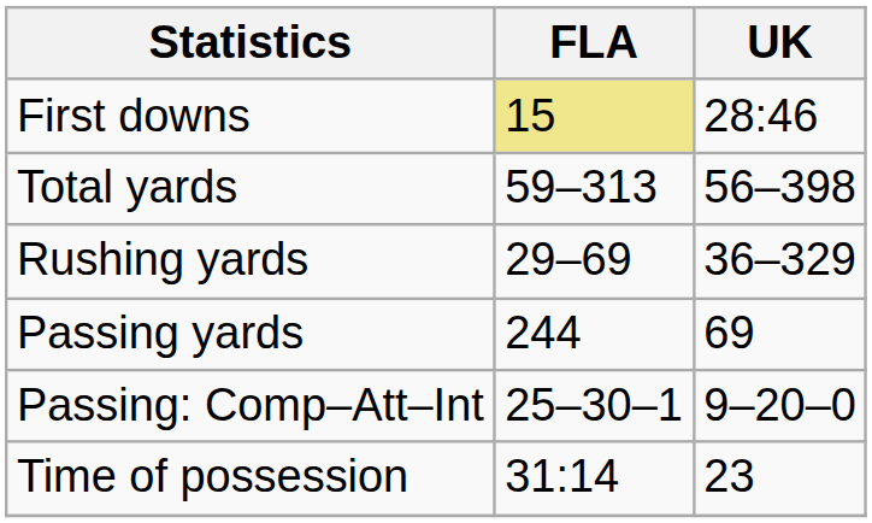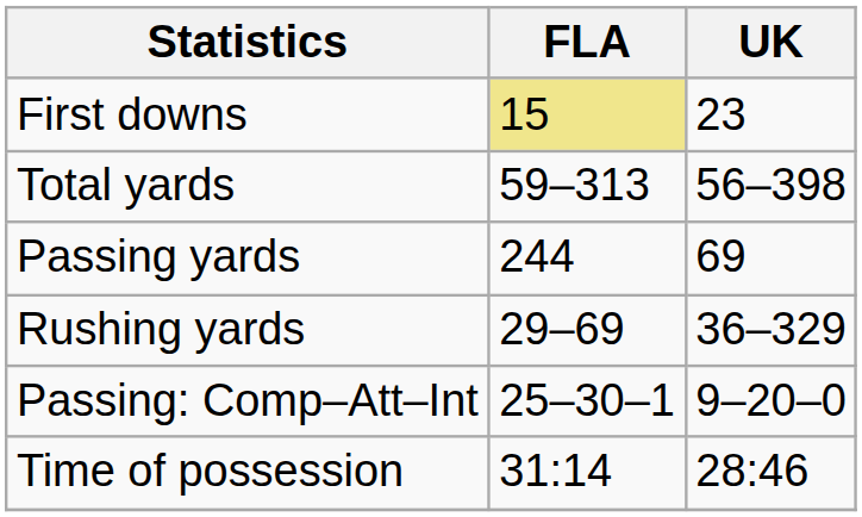 <table class="wikitable" style="float: left;">
 <tr>
 <th>Statistics</th>
 <th>FLA</th>
 <th>UK</th>
 </tr>
 <tr>
 <td>First downs</td>
 <td style="background: khaki;">15</td>
-<td>28:46</td>
+<td>23</td>
 </tr>
 <tr>
 <td>Total yards</td>
 <td>59–313</td>
 <td>56–398</td>
 </tr>
 <tr>
+<td>Passing yards</td>
+<td>244</td>
+<td>69</td>
+</tr>
+<tr>
 <td>Rushing yards</td>
 <td>29–69</td>
 <td>36–329</td>
-</tr>
-<tr>
-<td>Passing yards</td>
-<td>244</td>
-<td>69</td>
 </tr>
 <tr>
 <td>Passing: Comp–Att–Int</td>
 <td>25–30–1</td>
 <td>9–20–0</td>
 </tr>
 <tr>
 <td>Time of possession</td>
 <td>31:14</td>
-<td>23</td>
+<td>28:46</td>
 </tr>
 <tr>
 </tr>
 </table>
